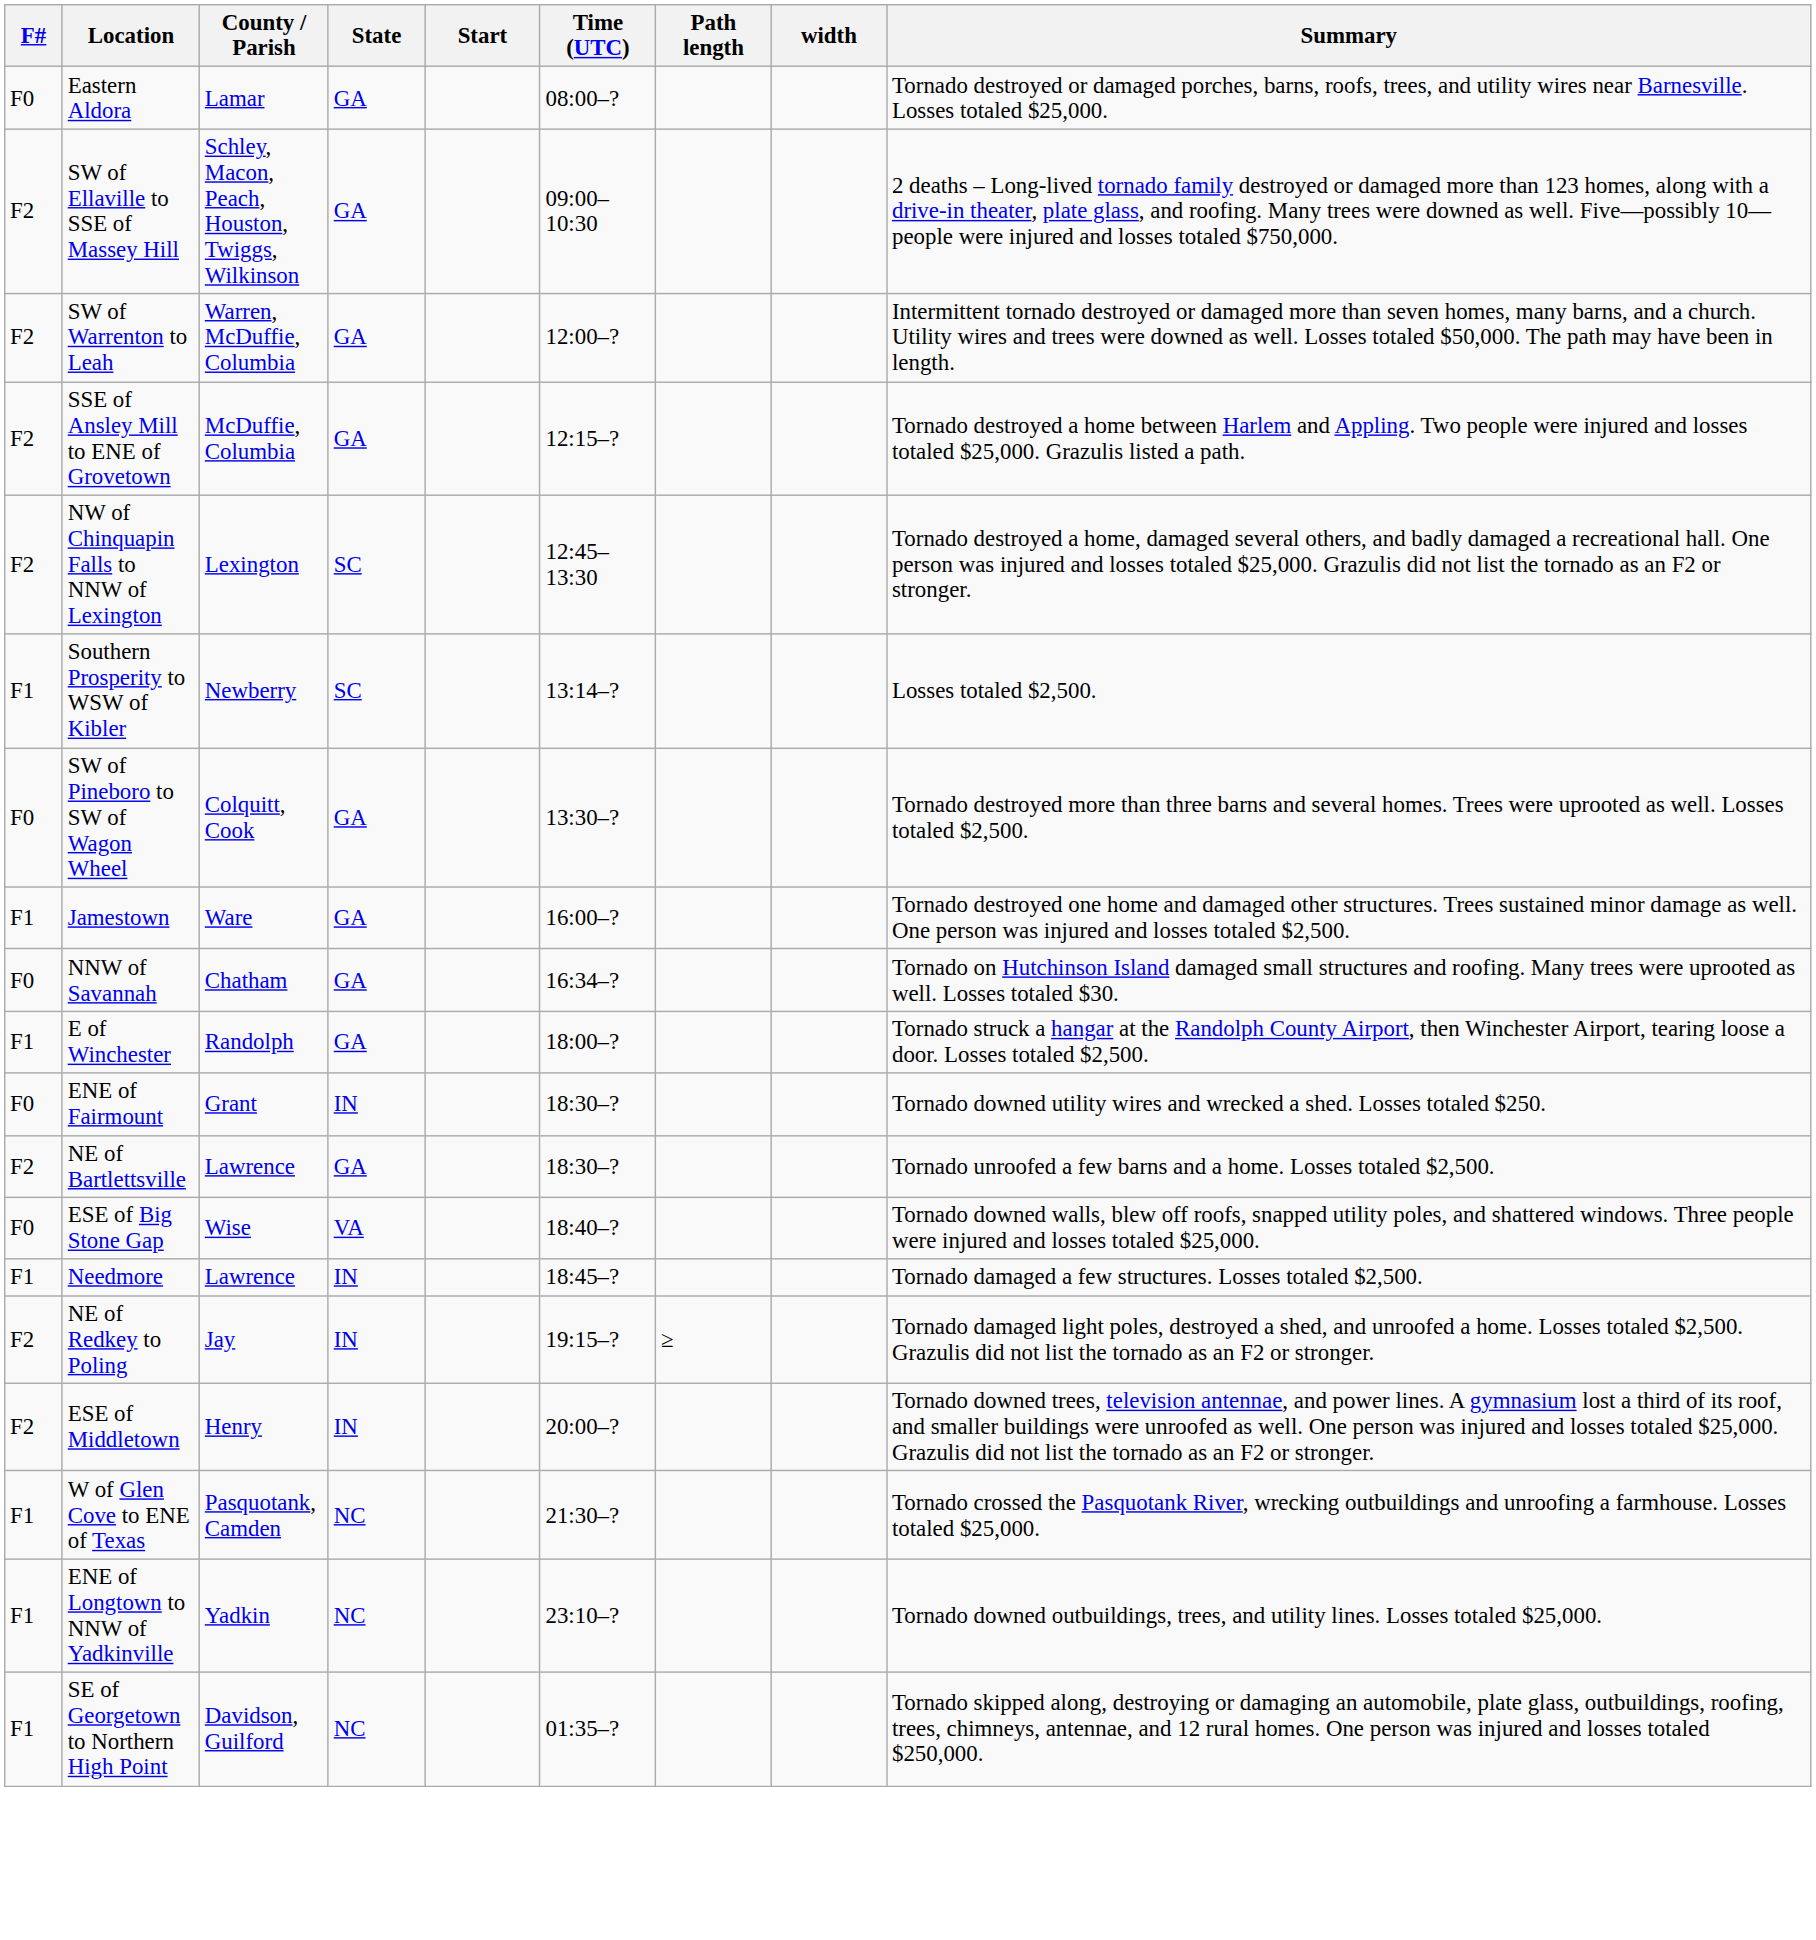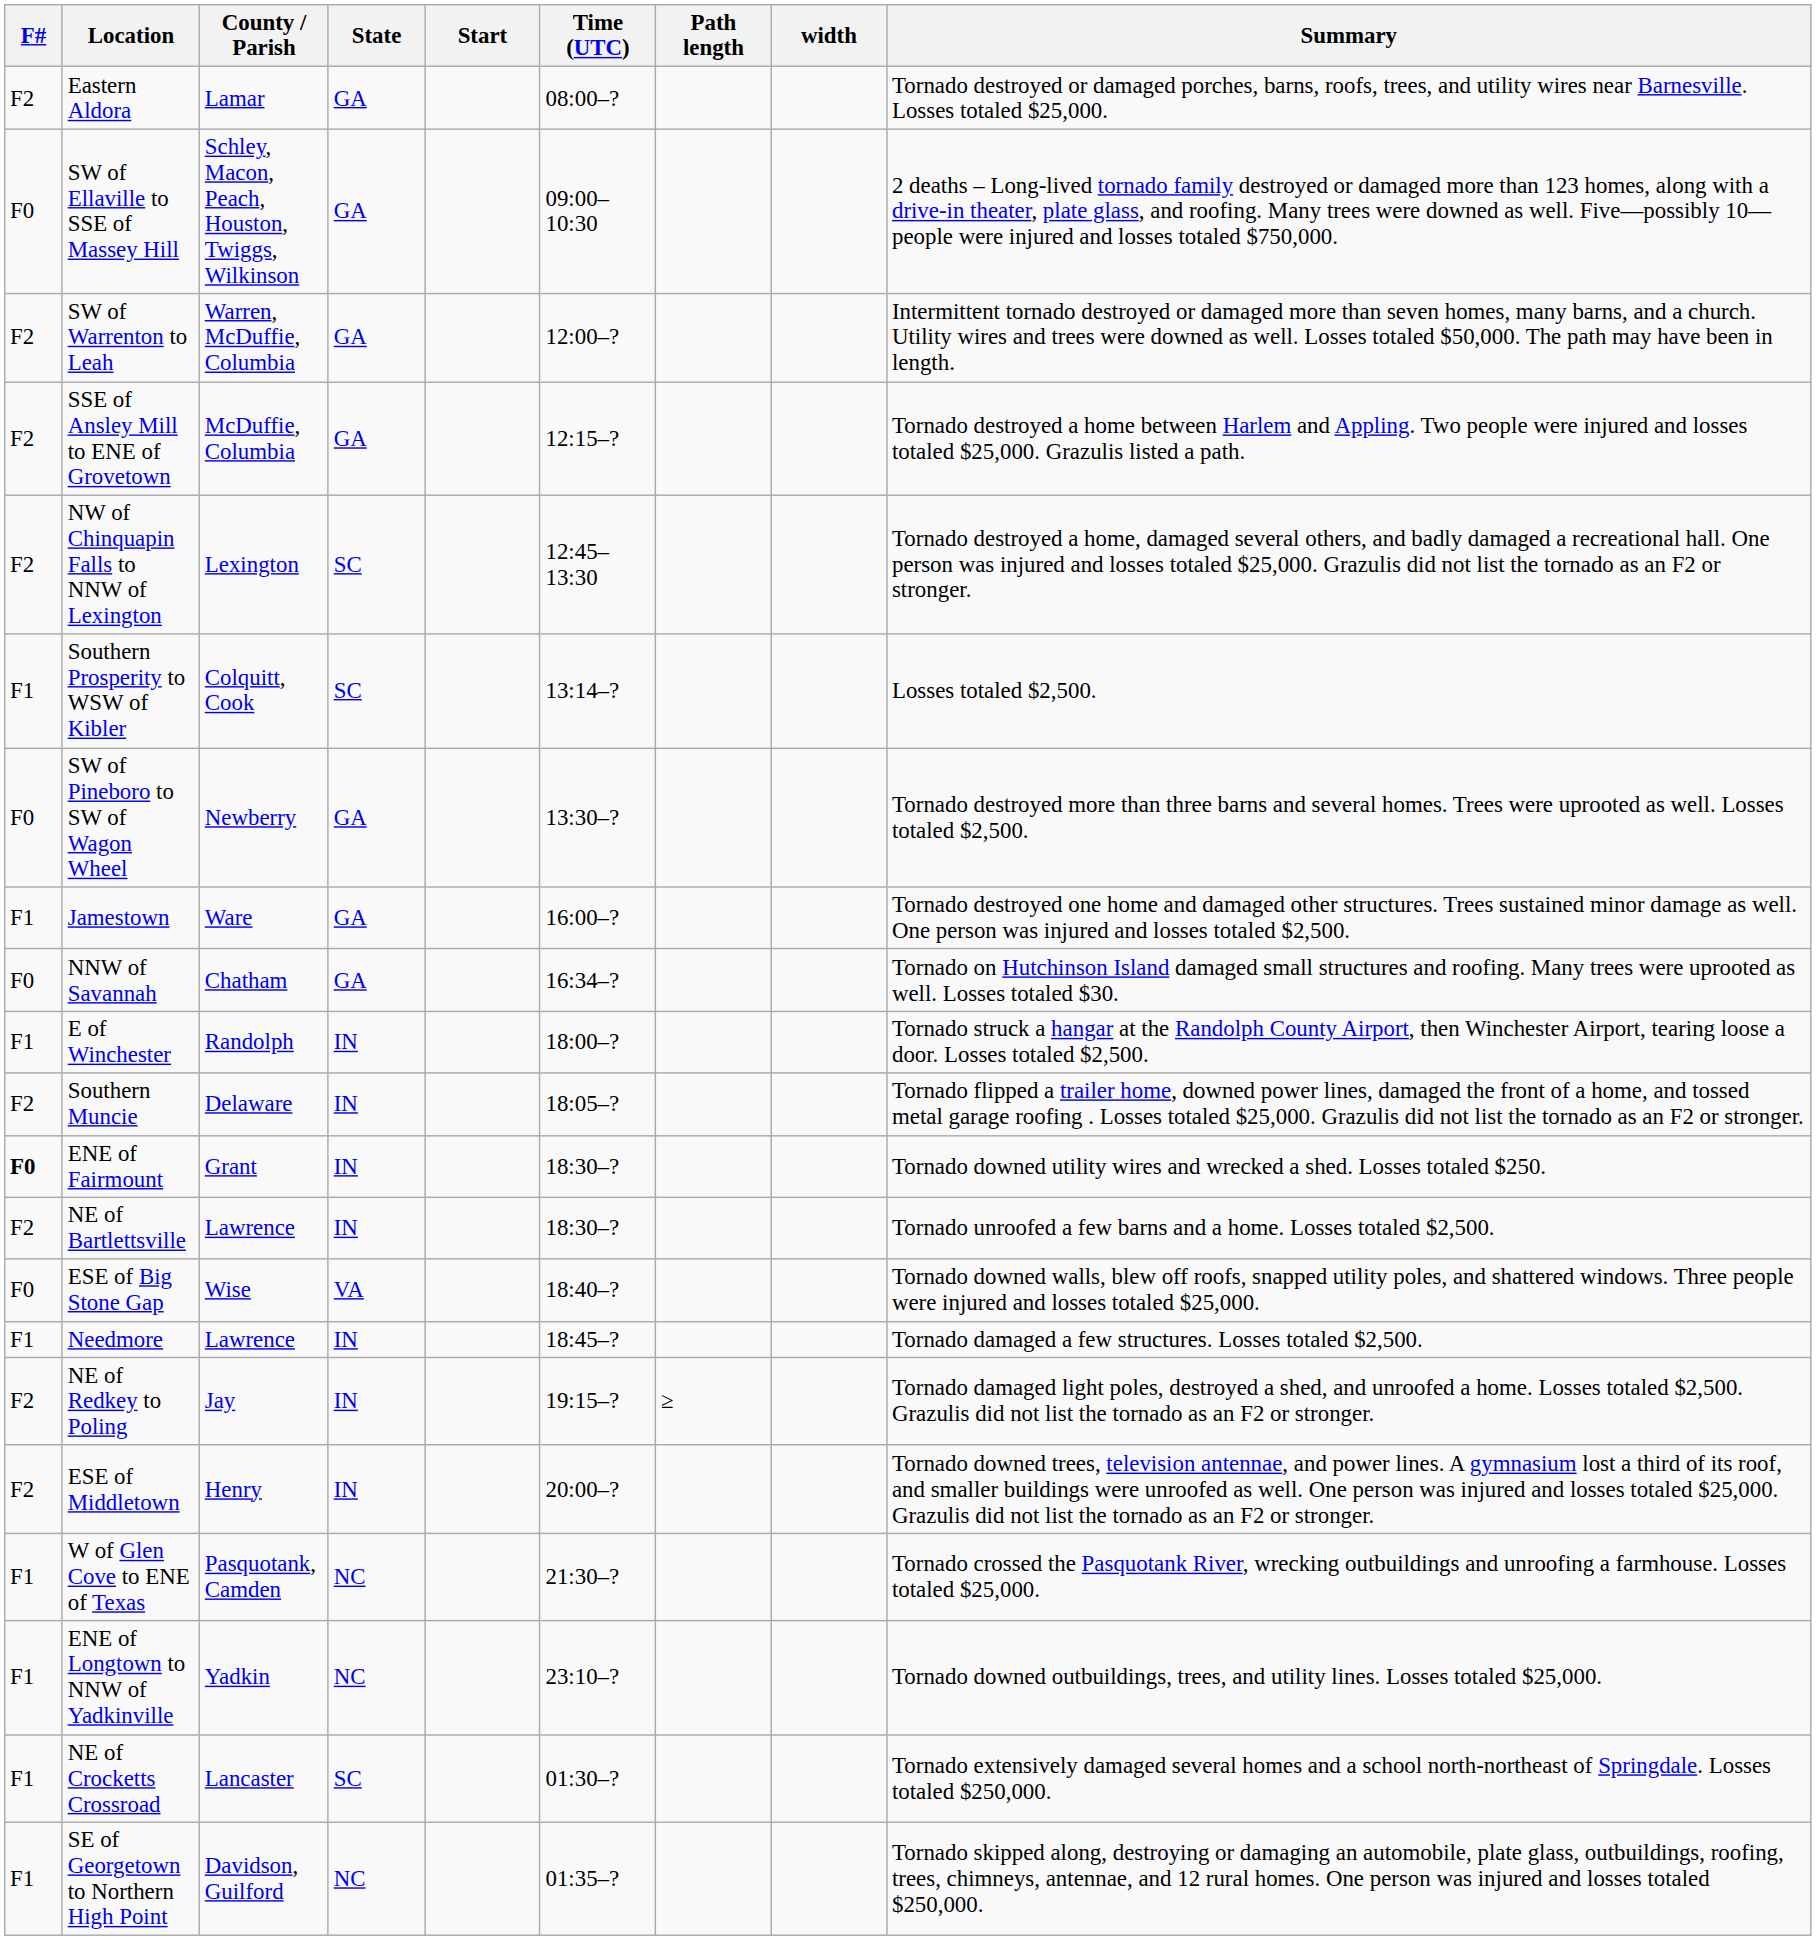 <table class="wikitable sortable" style="width:100%;">
 <tr>
 <th scope="col"  style="width:3%; text-align:center;"><a href='#'>F#</a></th>
 <th scope="col"  style="width:7%; text-align:center;" class="unsortable">Location</th>
 <th scope="col"  style="width:6%; text-align:center;" class="unsortable">County / Parish</th>
 <th scope="col"  style="width:5%; text-align:center;">State</th>
 <th scope="col"  style="width:6%; text-align:center;">Start<br></th>
 <th scope="col"  style="width:6%; text-align:center;">Time (<a href='#'>UTC</a>)</th>
 <th scope="col"  style="width:6%; text-align:center;">Path length</th>
 <th scope="col"  style="width:6%; text-align:center;"> width</th>
 <th scope="col" class="unsortable" style="width:48%; text-align:center;">Summary</th>
 </tr>
 <tr>
-<td>F0</td>
+<td>F2</td>
 <td>Eastern <a href='#'>Aldora</a></td>
 <td><a href='#'>Lamar</a></td>
 <td><a href='#'>GA</a></td>
 <td></td>
 <td>08:00–?</td>
 <td></td>
 <td></td>
 <td>Tornado destroyed or damaged porches, barns, roofs, trees, and utility wires near <a href='#'>Barnesville</a>. Losses totaled $25,000.</td>
 </tr>
 <tr>
-<td>F2</td>
+<td>F0</td>
 <td>SW of <a href='#'>Ellaville</a> to SSE of <a href='#'>Massey Hill</a></td>
 <td><a href='#'>Schley</a>, <a href='#'>Macon</a>, <a href='#'>Peach</a>, <a href='#'>Houston</a>, <a href='#'>Twiggs</a>, <a href='#'>Wilkinson</a></td>
 <td><a href='#'>GA</a></td>
 <td></td>
 <td>09:00–10:30</td>
 <td></td>
 <td></td>
 <td>2 deaths – Long-lived <a href='#'>tornado family</a> destroyed or damaged more than 123 homes, along with a <a href='#'>drive-in theater</a>, <a href='#'>plate glass</a>, and roofing. Many trees were downed as well. Five—possibly 10—people were injured and losses totaled $750,000.</td>
 </tr>
 <tr>
 <td>F2</td>
 <td>SW of <a href='#'>Warrenton</a> to <a href='#'>Leah</a></td>
 <td><a href='#'>Warren</a>, <a href='#'>McDuffie</a>, <a href='#'>Columbia</a></td>
 <td><a href='#'>GA</a></td>
 <td></td>
 <td>12:00–?</td>
 <td></td>
 <td></td>
 <td>Intermittent tornado destroyed or damaged more than seven homes, many barns, and a church. Utility wires and trees were downed as well. Losses totaled $50,000. The path may have been  in length.</td>
 </tr>
 <tr>
 <td>F2</td>
 <td>SSE of <a href='#'>Ansley Mill</a> to ENE of <a href='#'>Grovetown</a></td>
 <td><a href='#'>McDuffie</a>, <a href='#'>Columbia</a></td>
 <td><a href='#'>GA</a></td>
 <td></td>
 <td>12:15–?</td>
 <td></td>
 <td></td>
 <td>Tornado destroyed a home between <a href='#'>Harlem</a> and <a href='#'>Appling</a>. Two people were injured and losses totaled $25,000. Grazulis listed a  path.</td>
 </tr>
 <tr>
 <td>F2</td>
 <td>NW of <a href='#'>Chinquapin Falls</a> to NNW of <a href='#'>Lexington</a></td>
 <td><a href='#'>Lexington</a></td>
 <td><a href='#'>SC</a></td>
 <td></td>
 <td>12:45–13:30</td>
 <td></td>
 <td></td>
 <td>Tornado destroyed a home, damaged several others, and badly damaged a recreational hall. One person was injured and losses totaled $25,000. Grazulis did not list the tornado as an F2 or stronger.</td>
 </tr>
 <tr>
 <td>F1</td>
 <td>Southern <a href='#'>Prosperity</a> to WSW of <a href='#'>Kibler</a></td>
-<td><a href='#'>Newberry</a></td>
+<td><a href='#'>Colquitt</a>, <a href='#'>Cook</a></td>
 <td><a href='#'>SC</a></td>
 <td></td>
 <td>13:14–?</td>
 <td></td>
 <td></td>
 <td>Losses totaled $2,500.</td>
 </tr>
 <tr>
 <td>F0</td>
 <td>SW of <a href='#'>Pineboro</a> to SW of <a href='#'>Wagon Wheel</a></td>
-<td><a href='#'>Colquitt</a>, <a href='#'>Cook</a></td>
+<td><a href='#'>Newberry</a></td>
 <td><a href='#'>GA</a></td>
 <td></td>
 <td>13:30–?</td>
 <td></td>
 <td></td>
 <td>Tornado destroyed more than three barns and several homes. Trees were uprooted as well. Losses totaled $2,500.</td>
 </tr>
 <tr>
 <td>F1</td>
 <td><a href='#'>Jamestown</a></td>
 <td><a href='#'>Ware</a></td>
 <td><a href='#'>GA</a></td>
 <td></td>
 <td>16:00–?</td>
 <td></td>
 <td></td>
 <td>Tornado destroyed one home and damaged other structures. Trees sustained minor damage as well. One person was injured and losses totaled $2,500.</td>
 </tr>
 <tr>
 <td>F0</td>
 <td>NNW of <a href='#'>Savannah</a></td>
 <td><a href='#'>Chatham</a></td>
 <td><a href='#'>GA</a></td>
 <td></td>
 <td>16:34–?</td>
 <td></td>
 <td></td>
 <td>Tornado on <a href='#'>Hutchinson Island</a> damaged small structures and roofing. Many trees were uprooted as well. Losses totaled $30.</td>
 </tr>
 <tr>
 <td>F1</td>
 <td>E of <a href='#'>Winchester</a></td>
 <td><a href='#'>Randolph</a></td>
-<td><a href='#'>GA</a></td>
+<td><a href='#'>IN</a></td>
 <td></td>
 <td>18:00–?</td>
 <td></td>
 <td></td>
 <td>Tornado struck a <a href='#'>hangar</a> at the <a href='#'>Randolph County Airport</a>, then Winchester Airport, tearing loose a door. Losses totaled $2,500.</td>
 </tr>
 <tr>
-<td>F0</td>
+<td>F2</td>
+<td>Southern <a href='#'>Muncie</a></td>
+<td><a href='#'>Delaware</a></td>
+<td><a href='#'>IN</a></td>
+<td></td>
+<td>18:05–?</td>
+<td></td>
+<td></td>
+<td>Tornado flipped a <a href='#'>trailer home</a>, downed power lines, damaged the front of a home, and tossed metal garage roofing . Losses totaled $25,000. Grazulis did not list the tornado as an F2 or stronger.</td>
+</tr>
+<tr>
+<td><strong>F0</strong></td>
 <td>ENE of <a href='#'>Fairmount</a></td>
 <td><a href='#'>Grant</a></td>
 <td><a href='#'>IN</a></td>
 <td></td>
 <td>18:30–?</td>
 <td></td>
 <td></td>
 <td>Tornado downed utility wires and wrecked a shed. Losses totaled $250.</td>
 </tr>
 <tr>
 <td>F2</td>
 <td>NE of <a href='#'>Bartlettsville</a></td>
 <td><a href='#'>Lawrence</a></td>
-<td><a href='#'>GA</a></td>
+<td><a href='#'>IN</a></td>
 <td></td>
 <td>18:30–?</td>
 <td></td>
 <td></td>
 <td>Tornado unroofed a few barns and a home. Losses totaled $2,500.</td>
 </tr>
 <tr>
 <td>F0</td>
 <td>ESE of <a href='#'>Big Stone Gap</a></td>
 <td><a href='#'>Wise</a></td>
 <td><a href='#'>VA</a></td>
 <td></td>
 <td>18:40–?</td>
 <td></td>
 <td></td>
 <td>Tornado downed walls, blew off roofs, snapped utility poles, and shattered windows. Three people were injured and losses totaled $25,000.</td>
 </tr>
 <tr>
 <td>F1</td>
 <td><a href='#'>Needmore</a></td>
 <td><a href='#'>Lawrence</a></td>
 <td><a href='#'>IN</a></td>
 <td></td>
 <td>18:45–?</td>
 <td></td>
 <td></td>
 <td>Tornado damaged a few structures. Losses totaled $2,500.</td>
 </tr>
 <tr>
 <td>F2</td>
 <td>NE of <a href='#'>Redkey</a> to <a href='#'>Poling</a></td>
 <td><a href='#'>Jay</a></td>
 <td><a href='#'>IN</a></td>
 <td></td>
 <td>19:15–?</td>
 <td>≥</td>
 <td></td>
 <td>Tornado damaged light poles, destroyed a shed, and unroofed a home. Losses totaled $2,500. Grazulis did not list the tornado as an F2 or stronger.</td>
 </tr>
 <tr>
 <td>F2</td>
 <td>ESE of <a href='#'>Middletown</a></td>
 <td><a href='#'>Henry</a></td>
 <td><a href='#'>IN</a></td>
 <td></td>
 <td>20:00–?</td>
 <td></td>
 <td></td>
 <td>Tornado downed trees, <a href='#'>television antennae</a>, and power lines. A <a href='#'>gymnasium</a> lost a third of its roof, and smaller buildings were unroofed as well. One person was injured and losses totaled $25,000. Grazulis did not list the tornado as an F2 or stronger.</td>
 </tr>
 <tr>
 <td>F1</td>
 <td>W of <a href='#'>Glen Cove</a> to ENE of <a href='#'>Texas</a></td>
 <td><a href='#'>Pasquotank</a>, <a href='#'>Camden</a></td>
 <td><a href='#'>NC</a></td>
 <td></td>
 <td>21:30–?</td>
 <td></td>
 <td></td>
 <td>Tornado crossed the <a href='#'>Pasquotank River</a>, wrecking outbuildings and unroofing a farmhouse. Losses totaled $25,000.</td>
 </tr>
 <tr>
 <td>F1</td>
 <td>ENE of <a href='#'>Longtown</a> to NNW of <a href='#'>Yadkinville</a></td>
 <td><a href='#'>Yadkin</a></td>
 <td><a href='#'>NC</a></td>
 <td></td>
 <td>23:10–?</td>
 <td></td>
 <td></td>
 <td>Tornado downed outbuildings, trees, and utility lines. Losses totaled $25,000.</td>
 </tr>
 <tr>
 <td>F1</td>
+<td>NE of <a href='#'>Crocketts Crossroad</a></td>
+<td><a href='#'>Lancaster</a></td>
+<td><a href='#'>SC</a></td>
+<td></td>
+<td>01:30–?</td>
+<td></td>
+<td></td>
+<td>Tornado extensively damaged several homes and a school north-northeast of <a href='#'>Springdale</a>. Losses totaled $250,000.</td>
+</tr>
+<tr>
+<td>F1</td>
 <td>SE of <a href='#'>Georgetown</a> to Northern <a href='#'>High Point</a></td>
 <td><a href='#'>Davidson</a>, <a href='#'>Guilford</a></td>
 <td><a href='#'>NC</a></td>
 <td></td>
 <td>01:35–?</td>
 <td></td>
 <td></td>
 <td>Tornado skipped along, destroying or damaging an automobile, plate glass, outbuildings, roofing, trees, chimneys, antennae, and 12 rural homes. One person was injured and losses totaled $250,000.</td>
 </tr>
 </table>
